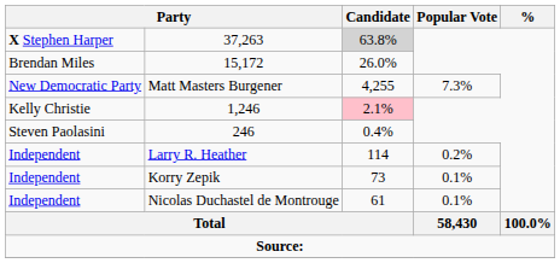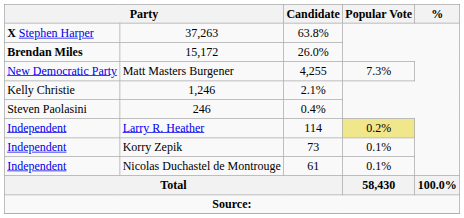 <table class="wikitable">
 <tr>
 <th colspan="2">Party</th>
 <th>Candidate</th>
 <th>Popular Vote</th>
 <th>%</th>
 </tr>
 <tr>
 <td> <strong>X</strong> <a href='#'>Stephen Harper</a></td>
 <td align=center>37,263</td>
-<td align=center style="background: lightgrey;">63.8%</td>
+<td align=center>63.8%</td>
 </tr>
 <tr>
-<td>Brendan Miles</td>
+<td><strong>Brendan Miles</strong></td>
 <td align=center>15,172</td>
 <td align=center>26.0%</td>
 </tr>
 <tr>
 <td><a href='#'>New Democratic Party</a></td>
 <td>Matt Masters Burgener</td>
 <td align=center>4,255</td>
 <td align=center>7.3%</td>
 </tr>
 <tr>
 <td>Kelly Christie</td>
 <td align=center>1,246</td>
-<td align=center style="background: pink;">2.1%</td>
+<td align=center>2.1%</td>
 </tr>
 <tr>
 <td>Steven Paolasini</td>
 <td align=center>246</td>
 <td align=center>0.4%</td>
 </tr>
 <tr>
 <td><a href='#'>Independent</a></td>
 <td><a href='#'>Larry R. Heather</a></td>
 <td align=center>114</td>
-<td align=center>0.2%</td>
+<td align=center style="background: khaki;">0.2%</td>
 </tr>
 <tr>
 <td><a href='#'>Independent</a></td>
 <td>Korry Zepik</td>
 <td align=center>73</td>
 <td align=center>0.1%</td>
 </tr>
 <tr>
 <td><a href='#'>Independent</a></td>
 <td>Nicolas Duchastel de Montrouge</td>
 <td align=center>61</td>
 <td align=center>0.1%</td>
 </tr>
 <tr>
 <th colspan=3>Total</th>
 <th>58,430</th>
 <th>100.0%</th>
 </tr>
 <tr>
 <td align="center" colspan=5><strong>Source:</strong> </td>
 </tr>
 <tr>
 </tr>
 </table>
